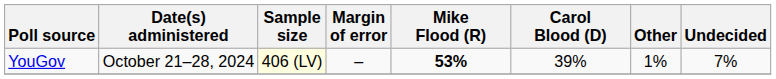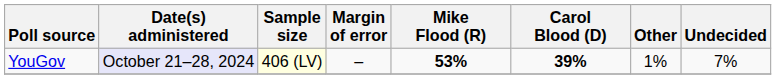 <table class="wikitable" style="font-size:90%;text-align:center;">
 <tr valign=bottom>
 <th>Poll source</th>
 <th>Date(s)<br>administered</th>
 <th>Sample<br>size</th>
 <th>Margin<br>of error</th>
 <th style="width:100px;">Mike<br>Flood (R)</th>
 <th style="width:100px;">Carol<br>Blood (D)</th>
 <th>Other</th>
 <th>Undecided</th>
 </tr>
 <tr>
 <td style="text-align:left;"><a href='#'>YouGov</a></td>
-<td>October 21–28, 2024</td>
+<td style="background: lavender;">October 21–28, 2024</td>
 <td style="background: lightyellow;">406 (LV)</td>
 <td>–</td>
 <td><strong>53%</strong></td>
-<td>39%</td>
+<td><strong>39%</strong></td>
 <td>1%</td>
 <td>7%</td>
 </tr>
 <tr>
 </tr>
 </table>
